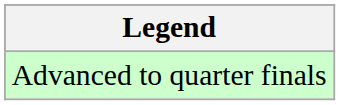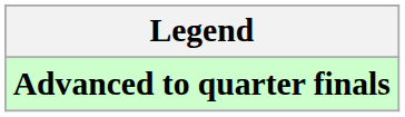 <table class="wikitable">
 <tr>
 <th>Legend</th>
 </tr>
 <tr bgcolor="ccffcc">
-<td>Advanced to quarter finals</td>
+<td><strong>Advanced to quarter finals</strong></td>
 </tr>
 </table>
